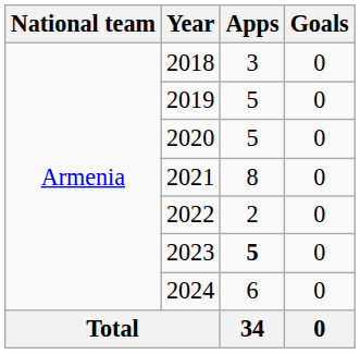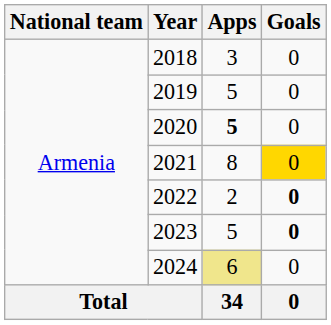 <table class="wikitable" style="text-align:center">
 <tr>
 <th>National team</th>
 <th>Year</th>
 <th>Apps</th>
 <th>Goals</th>
 </tr>
 <tr>
 <td rowspan="7"><a href='#'>Armenia</a></td>
 <td>2018</td>
 <td>3</td>
 <td>0</td>
 </tr>
 <tr>
 <td>2019</td>
 <td>5</td>
 <td>0</td>
 </tr>
 <tr>
 <td>2020</td>
-<td>5</td>
+<td><strong>5</strong></td>
 <td>0</td>
 </tr>
 <tr>
 <td>2021</td>
 <td>8</td>
-<td>0</td>
+<td style="background: gold;">0</td>
 </tr>
 <tr>
 <td>2022</td>
 <td>2</td>
-<td>0</td>
+<td><strong>0</strong></td>
 </tr>
 <tr>
 <td>2023</td>
-<td><strong>5</strong></td>
-<td>0</td>
+<td>5</td>
+<td><strong>0</strong></td>
 </tr>
 <tr>
 <td>2024</td>
-<td>6</td>
+<td style="background: khaki;">6</td>
 <td>0</td>
 </tr>
 <tr>
 <th colspan="2">Total</th>
 <th>34</th>
 <th>0</th>
 </tr>
 </table>
